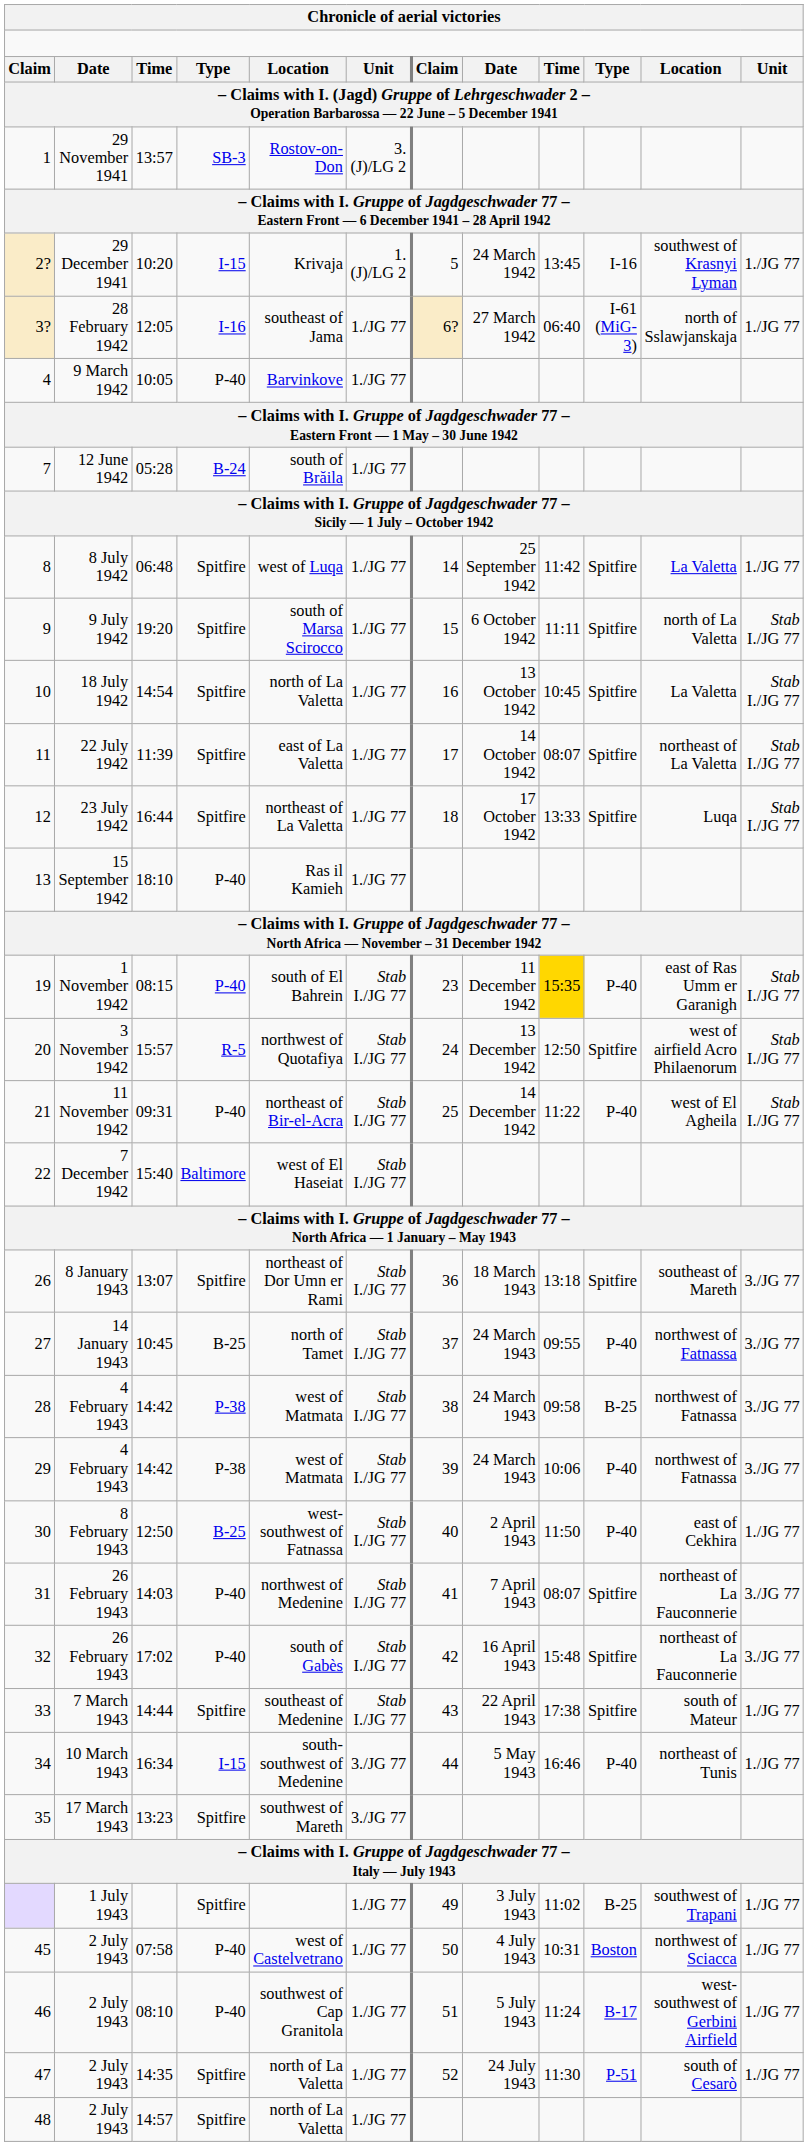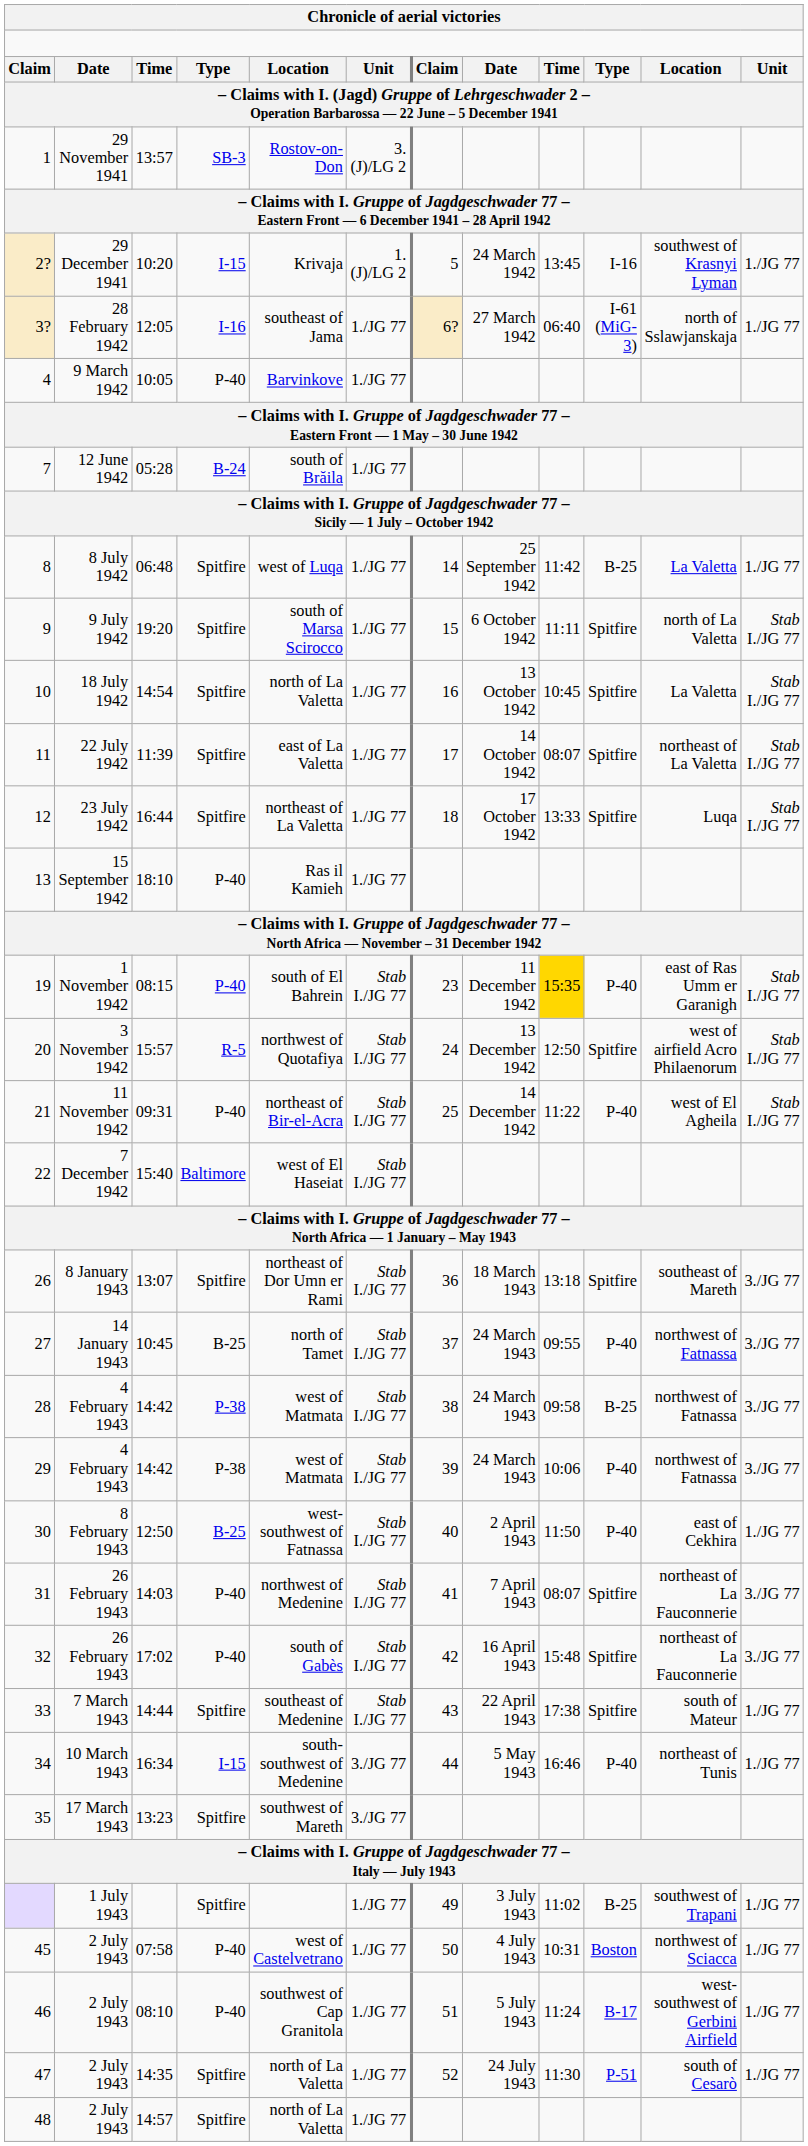 <table class="wikitable plainrowheaders collapsible" style="margin-left: auto; margin-right: auto; border: none; text-align:right; width: 100%;">
 <tr>
 <th colspan="12">Chronicle of aerial victories</th>
 </tr>
 <tr>
 <td colspan="12" style="text-align: left;"><br> </td>
 </tr>
 <tr>
 <th scope="col">Claim</th>
 <th scope="col">Date</th>
 <th scope="col">Time</th>
 <th scope="col" width="100px">Type</th>
 <th scope="col">Location</th>
 <th scope="col">Unit</th>
 <th scope="col" style="border-left: 3px solid grey;">Claim</th>
 <th scope="col">Date</th>
 <th scope="col">Time</th>
 <th scope="col" width="100px">Type</th>
 <th scope="col">Location</th>
 <th scope="col">Unit</th>
 </tr>
 <tr>
 <th colspan="12">– Claims with I. (Jagd) <em>Gruppe</em> of <em>Lehrgeschwader</em> 2 –<br><small>Operation Barbarossa — 22 June – 5 December 1941</small></th>
 </tr>
 <tr>
 <td>1</td>
 <td>29 November 1941</td>
 <td>13:57</td>
 <td><a href='#'>SB-3</a></td>
 <td><a href='#'>Rostov-on-Don</a></td>
 <td>3.(J)/LG 2</td>
 <td style="border-left: 3px solid grey;"></td>
 <td></td>
 <td></td>
 <td></td>
 <td></td>
 <td></td>
 </tr>
 <tr>
 <th colspan="12">– Claims with I. <em>Gruppe</em> of <em>Jagdgeschwader</em> 77 –<br><small>Eastern Front — 6 December 1941 – 28 April 1942</small></th>
 </tr>
 <tr>
 <td style="background:#faecc8">2?</td>
 <td>29 December 1941</td>
 <td>10:20</td>
 <td><a href='#'>I-15</a></td>
 <td>Krivaja</td>
 <td>1.(J)/LG 2</td>
 <td style="border-left: 3px solid grey;">5</td>
 <td>24 March 1942</td>
 <td>13:45</td>
 <td>I-16</td>
 <td>southwest of <a href='#'>Krasnyi Lyman</a></td>
 <td>1./JG 77</td>
 </tr>
 <tr>
 <td style="background:#faecc8">3?</td>
 <td>28 February 1942</td>
 <td>12:05</td>
 <td><a href='#'>I-16</a></td>
 <td>southeast of Jama</td>
 <td>1./JG 77</td>
 <td style="border-left: 3px solid grey; background:#faecc8">6?</td>
 <td>27 March 1942</td>
 <td>06:40</td>
 <td>I-61 (<a href='#'>MiG-3</a>)</td>
 <td>north of Sslawjanskaja</td>
 <td>1./JG 77</td>
 </tr>
 <tr>
 <td>4</td>
 <td>9 March 1942</td>
 <td>10:05</td>
 <td>P-40</td>
 <td><a href='#'>Barvinkove</a></td>
 <td>1./JG 77</td>
 <td style="border-left: 3px solid grey;"></td>
 <td></td>
 <td></td>
 <td></td>
 <td></td>
 <td></td>
 </tr>
 <tr>
 <th colspan="12">– Claims with I. <em>Gruppe</em> of <em>Jagdgeschwader</em> 77 –<br><small>Eastern Front — 1 May – 30 June 1942</small></th>
 </tr>
 <tr>
 <td>7</td>
 <td>12 June 1942</td>
 <td>05:28</td>
 <td><a href='#'>B-24</a></td>
 <td>south of <a href='#'>Brăila</a></td>
 <td>1./JG 77</td>
 <td style="border-left: 3px solid grey;"></td>
 <td></td>
 <td></td>
 <td></td>
 <td></td>
 <td></td>
 </tr>
 <tr>
 <th colspan="12">– Claims with I. <em>Gruppe</em> of <em>Jagdgeschwader</em> 77 –<br><small>Sicily — 1 July – October 1942</small></th>
 </tr>
 <tr>
 <td>8</td>
 <td>8 July 1942</td>
 <td>06:48</td>
 <td>Spitfire</td>
 <td>west of <a href='#'>Luqa</a></td>
 <td>1./JG 77</td>
 <td style="border-left: 3px solid grey;">14</td>
 <td>25 September 1942</td>
 <td>11:42</td>
-<td>Spitfire</td>
+<td>B-25</td>
 <td><a href='#'>La Valetta</a></td>
 <td>1./JG 77</td>
 </tr>
 <tr>
 <td>9</td>
 <td>9 July 1942</td>
 <td>19:20</td>
 <td>Spitfire</td>
 <td>south of <a href='#'>Marsa Scirocco</a></td>
 <td>1./JG 77</td>
 <td style="border-left: 3px solid grey;">15</td>
 <td>6 October 1942</td>
 <td>11:11</td>
 <td>Spitfire</td>
 <td>north of La Valetta</td>
 <td><em>Stab</em> I./JG 77</td>
 </tr>
 <tr>
 <td>10</td>
 <td>18 July 1942</td>
 <td>14:54</td>
 <td>Spitfire</td>
 <td>north of La Valetta</td>
 <td>1./JG 77</td>
 <td style="border-left: 3px solid grey;">16</td>
 <td>13 October 1942</td>
 <td>10:45</td>
 <td>Spitfire</td>
 <td>La Valetta</td>
 <td><em>Stab</em> I./JG 77</td>
 </tr>
 <tr>
 <td>11</td>
 <td>22 July 1942</td>
 <td>11:39</td>
 <td>Spitfire</td>
 <td>east of La Valetta</td>
 <td>1./JG 77</td>
 <td style="border-left: 3px solid grey;">17</td>
 <td>14 October 1942</td>
 <td>08:07</td>
 <td>Spitfire</td>
 <td>northeast of La Valetta</td>
 <td><em>Stab</em> I./JG 77</td>
 </tr>
 <tr>
 <td>12</td>
 <td>23 July 1942</td>
 <td>16:44</td>
 <td>Spitfire</td>
 <td>northeast of La Valetta</td>
 <td>1./JG 77</td>
 <td style="border-left: 3px solid grey;">18</td>
 <td>17 October 1942</td>
 <td>13:33</td>
 <td>Spitfire</td>
 <td>Luqa</td>
 <td><em>Stab</em> I./JG 77</td>
 </tr>
 <tr>
 <td>13</td>
 <td>15 September 1942</td>
 <td>18:10</td>
 <td>P-40</td>
 <td>Ras il Kamieh</td>
 <td>1./JG 77</td>
 <td style="border-left: 3px solid grey;"></td>
 <td></td>
 <td></td>
 <td></td>
 <td></td>
 <td></td>
 </tr>
 <tr>
 <th colspan="12">– Claims with I. <em>Gruppe</em> of <em>Jagdgeschwader</em> 77 –<br><small>North Africa — November – 31 December 1942</small></th>
 </tr>
 <tr>
 <td>19</td>
 <td>1 November 1942</td>
 <td>08:15</td>
 <td><a href='#'>P-40</a></td>
 <td>south of El Bahrein</td>
 <td><em>Stab</em> I./JG 77</td>
 <td style="border-left: 3px solid grey;">23</td>
 <td>11 December 1942</td>
 <td style="background: gold;">15:35</td>
 <td>P-40</td>
 <td>east of Ras Umm er Garanigh</td>
 <td><em>Stab</em> I./JG 77</td>
 </tr>
 <tr>
 <td>20</td>
 <td>3 November 1942</td>
 <td>15:57</td>
 <td><a href='#'>R-5</a></td>
 <td>northwest of Quotafiya</td>
 <td><em>Stab</em> I./JG 77</td>
 <td style="border-left: 3px solid grey;">24</td>
 <td>13 December 1942</td>
 <td>12:50</td>
 <td>Spitfire</td>
 <td>west of airfield Acro Philaenorum</td>
 <td><em>Stab</em> I./JG 77</td>
 </tr>
 <tr>
 <td>21</td>
 <td>11 November 1942</td>
 <td>09:31</td>
 <td>P-40</td>
 <td>northeast of <a href='#'>Bir-el-Acra</a></td>
 <td><em>Stab</em> I./JG 77</td>
 <td style="border-left: 3px solid grey;">25</td>
 <td>14 December 1942</td>
 <td>11:22</td>
 <td>P-40</td>
 <td>west of El Agheila</td>
 <td><em>Stab</em> I./JG 77</td>
 </tr>
 <tr>
 <td>22</td>
 <td>7 December 1942</td>
 <td>15:40</td>
 <td><a href='#'>Baltimore</a></td>
 <td>west of El Haseiat</td>
 <td><em>Stab</em> I./JG 77</td>
 <td style="border-left: 3px solid grey;"></td>
 <td></td>
 <td></td>
 <td></td>
 <td></td>
 <td></td>
 </tr>
 <tr>
 <th colspan="12">– Claims with I. <em>Gruppe</em> of <em>Jagdgeschwader</em> 77 –<br><small>North Africa — 1 January – May 1943</small></th>
 </tr>
 <tr>
 <td>26</td>
 <td>8 January 1943</td>
 <td>13:07</td>
 <td>Spitfire</td>
 <td>northeast of Dor Umn er Rami</td>
 <td><em>Stab</em> I./JG 77</td>
 <td style="border-left: 3px solid grey;">36</td>
 <td>18 March 1943</td>
 <td>13:18</td>
 <td>Spitfire</td>
 <td>southeast of Mareth</td>
 <td>3./JG 77</td>
 </tr>
 <tr>
 <td>27</td>
 <td>14 January 1943</td>
 <td>10:45</td>
 <td>B-25</td>
 <td>north of Tamet</td>
 <td><em>Stab</em> I./JG 77</td>
 <td style="border-left: 3px solid grey;">37</td>
 <td>24 March 1943</td>
 <td>09:55</td>
 <td>P-40</td>
 <td>northwest of <a href='#'>Fatnassa</a></td>
 <td>3./JG 77</td>
 </tr>
 <tr>
 <td>28</td>
 <td>4 February 1943</td>
 <td>14:42</td>
 <td><a href='#'>P-38</a></td>
 <td>west of Matmata</td>
 <td><em>Stab</em> I./JG 77</td>
 <td style="border-left: 3px solid grey;">38</td>
 <td>24 March 1943</td>
 <td>09:58</td>
 <td>B-25</td>
 <td>northwest of Fatnassa</td>
 <td>3./JG 77</td>
 </tr>
 <tr>
 <td>29</td>
 <td>4 February 1943</td>
 <td>14:42</td>
 <td>P-38</td>
 <td>west of Matmata</td>
 <td><em>Stab</em> I./JG 77</td>
 <td style="border-left: 3px solid grey;">39</td>
 <td>24 March 1943</td>
 <td>10:06</td>
 <td>P-40</td>
 <td>northwest of Fatnassa</td>
 <td>3./JG 77</td>
 </tr>
 <tr>
 <td>30</td>
 <td>8 February 1943</td>
 <td>12:50</td>
 <td><a href='#'>B-25</a></td>
 <td>west-southwest of Fatnassa</td>
 <td><em>Stab</em> I./JG 77</td>
 <td style="border-left: 3px solid grey;">40</td>
 <td>2 April 1943</td>
 <td>11:50</td>
 <td>P-40</td>
 <td>east of Cekhira</td>
 <td>1./JG 77</td>
 </tr>
 <tr>
 <td>31</td>
 <td>26 February 1943</td>
 <td>14:03</td>
 <td>P-40</td>
 <td>northwest of Medenine</td>
 <td><em>Stab</em> I./JG 77</td>
 <td style="border-left: 3px solid grey;">41</td>
 <td>7 April 1943</td>
 <td>08:07</td>
 <td>Spitfire</td>
 <td>northeast of La Fauconnerie</td>
 <td>3./JG 77</td>
 </tr>
 <tr>
 <td>32</td>
 <td>26 February 1943</td>
 <td>17:02</td>
 <td>P-40</td>
 <td>south of <a href='#'>Gabès</a></td>
 <td><em>Stab</em> I./JG 77</td>
 <td style="border-left: 3px solid grey;">42</td>
 <td>16 April 1943</td>
 <td>15:48</td>
 <td>Spitfire</td>
 <td>northeast of La Fauconnerie</td>
 <td>3./JG 77</td>
 </tr>
 <tr>
 <td>33</td>
 <td>7 March 1943</td>
 <td>14:44</td>
 <td>Spitfire</td>
 <td>southeast of Medenine</td>
 <td><em>Stab</em> I./JG 77</td>
 <td style="border-left: 3px solid grey;">43</td>
 <td>22 April 1943</td>
 <td>17:38</td>
 <td>Spitfire</td>
 <td>south of Mateur</td>
 <td>1./JG 77</td>
 </tr>
 <tr>
 <td>34</td>
 <td>10 March 1943</td>
 <td>16:34</td>
 <td><a href='#'>I-15</a></td>
 <td>south-southwest of Medenine</td>
 <td>3./JG 77</td>
 <td style="border-left: 3px solid grey;">44</td>
 <td>5 May 1943</td>
 <td>16:46</td>
 <td>P-40</td>
 <td>northeast of Tunis</td>
 <td>1./JG 77</td>
 </tr>
 <tr>
 <td>35</td>
 <td>17 March 1943</td>
 <td>13:23</td>
 <td>Spitfire</td>
 <td>southwest of Mareth</td>
 <td>3./JG 77</td>
 <td style="border-left: 3px solid grey;"></td>
 <td></td>
 <td></td>
 <td></td>
 <td></td>
 <td></td>
 </tr>
 <tr>
 <th colspan="12">– Claims with I. <em>Gruppe</em> of <em>Jagdgeschwader</em> 77 –<br><small>Italy — July 1943</small></th>
 </tr>
 <tr>
 <td style="background:#e3d9ff;"></td>
 <td>1 July 1943</td>
 <td></td>
 <td>Spitfire</td>
 <td></td>
 <td>1./JG 77</td>
 <td style="border-left: 3px solid grey;">49</td>
 <td>3 July 1943</td>
 <td>11:02</td>
 <td>B-25</td>
 <td>southwest of <a href='#'>Trapani</a></td>
 <td>1./JG 77</td>
 </tr>
 <tr>
 <td>45</td>
 <td>2 July 1943</td>
 <td>07:58</td>
 <td>P-40</td>
 <td>west of <a href='#'>Castelvetrano</a></td>
 <td>1./JG 77</td>
 <td style="border-left: 3px solid grey;">50</td>
 <td>4 July 1943</td>
 <td>10:31</td>
 <td><a href='#'>Boston</a></td>
 <td>northwest of <a href='#'>Sciacca</a></td>
 <td>1./JG 77</td>
 </tr>
 <tr>
 <td>46</td>
 <td>2 July 1943</td>
 <td>08:10</td>
 <td>P-40</td>
 <td>southwest of Cap Granitola</td>
 <td>1./JG 77</td>
 <td style="border-left: 3px solid grey;">51</td>
 <td>5 July 1943</td>
 <td>11:24</td>
 <td><a href='#'>B-17</a></td>
 <td>west-southwest of <a href='#'>Gerbini Airfield</a></td>
 <td>1./JG 77</td>
 </tr>
 <tr>
 <td>47</td>
 <td>2 July 1943</td>
 <td>14:35</td>
 <td>Spitfire</td>
 <td>north of La Valetta</td>
 <td>1./JG 77</td>
 <td style="border-left: 3px solid grey;">52</td>
 <td>24 July 1943</td>
 <td>11:30</td>
 <td><a href='#'>P-51</a></td>
 <td> south of <a href='#'>Cesarò</a></td>
 <td>1./JG 77</td>
 </tr>
 <tr>
 <td>48</td>
 <td>2 July 1943</td>
 <td>14:57</td>
 <td>Spitfire</td>
 <td>north of La Valetta</td>
 <td>1./JG 77</td>
 <td style="border-left: 3px solid grey;"></td>
 <td></td>
 <td></td>
 <td></td>
 <td></td>
 <td></td>
 </tr>
 </table>
